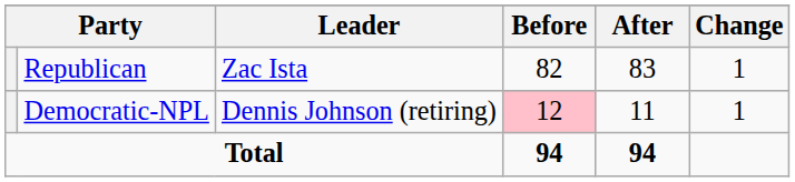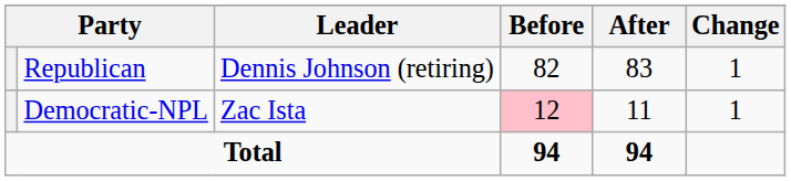 <table class="wikitable" style="text-align:center;">
 <tr>
 </tr>
 <tr>
 <th colspan="2">Party</th>
 <th>Leader</th>
 <th style="width:3em">Before</th>
 <th style="width:3em">After</th>
 <th style="width:3em">Change</th>
 </tr>
 <tr>
 <th style="background-color:"></th>
 <td style="text-align:left;"><a href='#'>Republican</a></td>
-<td style="text-align:left;"><a href='#'>Zac Ista</a></td>
+<td style="text-align:left;"><a href='#'>Dennis Johnson</a> (retiring)</td>
 <td>82</td>
 <td>83</td>
 <td> 1</td>
 </tr>
 <tr>
 <th style="background-color:"></th>
 <td style="text-align:left;"><a href='#'>Democratic-NPL</a></td>
-<td style="text-align:left;"><a href='#'>Dennis Johnson</a> (retiring)</td>
+<td style="text-align:left;"><a href='#'>Zac Ista</a></td>
 <td style="background: pink;">12</td>
 <td>11</td>
 <td> 1</td>
 </tr>
 <tr>
 <td colspan="3"><strong>Total</strong></td>
 <td><strong>94</strong></td>
 <td><strong>94</strong></td>
 <td></td>
 </tr>
 </table>
